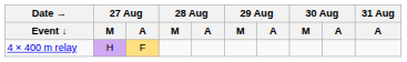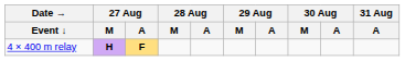 <table class="wikitable" style="text-align:center; margin:0.5em auto; font-size:90%; line-height:1.25em;">
 <tr>
 <th>Date →</th>
 <th colspan=2>27 Aug</th>
 <th colspan=2>28 Aug</th>
 <th colspan=2>29 Aug</th>
 <th colspan=2>30 Aug</th>
 <th>31 Aug</th>
 </tr>
 <tr>
 <th width="120px">Event ↓</th>
 <th width="40px">M</th>
 <th width="40px">A</th>
 <th width="40px">M</th>
 <th width="40px">A</th>
 <th width="40px">M</th>
 <th width="40px">A</th>
 <th width="40px">M</th>
 <th width="40px">A</th>
 <th width="60px">A</th>
 </tr>
 <tr>
 <td align="left"><a href='#'>4 × 400 m relay</a></td>
-<td bgcolor="#D0A9F5">H</td>
-<td bgcolor="#FFDF80">F</td>
+<td bgcolor="#D0A9F5"><strong>H</strong></td>
+<td bgcolor="#FFDF80"><strong>F</strong></td>
 <td></td>
 <td></td>
 <td></td>
 <td></td>
 <td></td>
 <td></td>
 <td></td>
 </tr>
 </table>
